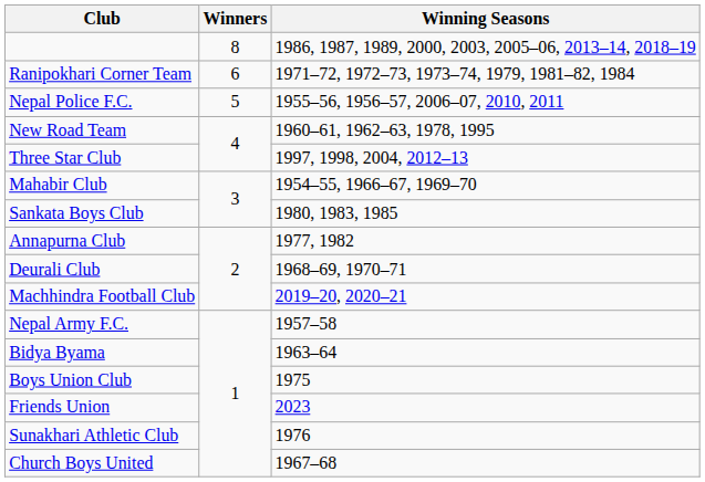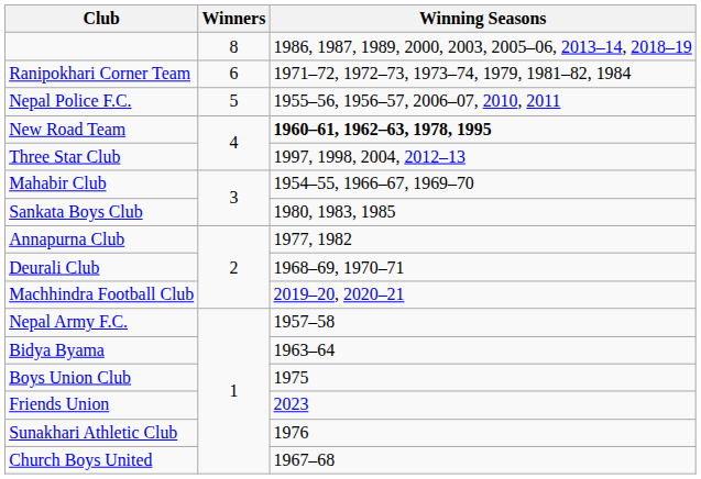 <table class="wikitable sortable">
 <tr>
 <th>Club</th>
 <th>Winners</th>
 <th>Winning Seasons</th>
 </tr>
 <tr>
 <td></td>
 <td style="text-align:center">8</td>
 <td>1986, 1987, 1989, 2000, 2003, 2005–06, <a href='#'>2013–14</a>, <a href='#'>2018–19</a></td>
 </tr>
 <tr>
 <td><a href='#'>Ranipokhari Corner Team</a></td>
 <td style="text-align:center">6</td>
 <td>1971–72, 1972–73, 1973–74, 1979, 1981–82, 1984</td>
 </tr>
 <tr>
 <td><a href='#'>Nepal Police F.C.</a></td>
 <td style="text-align:center">5</td>
 <td>1955–56, 1956–57, 2006–07, <a href='#'>2010</a>, <a href='#'>2011</a></td>
 </tr>
 <tr>
 <td><a href='#'>New Road Team</a></td>
 <td rowspan="2" style="text-align:center">4</td>
-<td>1960–61, 1962–63, 1978, 1995</td>
+<td><strong>1960–61, 1962–63, 1978, 1995</strong></td>
 </tr>
 <tr>
 <td><a href='#'>Three Star Club</a></td>
 <td>1997, 1998, 2004, <a href='#'>2012–13</a></td>
 </tr>
 <tr>
 <td><a href='#'>Mahabir Club</a></td>
 <td rowspan="2" style="text-align:center">3</td>
 <td>1954–55, 1966–67, 1969–70</td>
 </tr>
 <tr>
 <td><a href='#'>Sankata Boys Club</a></td>
 <td>1980, 1983, 1985</td>
 </tr>
 <tr>
 <td><a href='#'>Annapurna Club</a></td>
 <td rowspan="3" style="text-align:center">2</td>
 <td>1977, 1982</td>
 </tr>
 <tr>
 <td><a href='#'>Deurali Club</a></td>
 <td>1968–69, 1970–71</td>
 </tr>
 <tr>
 <td><a href='#'>Machhindra Football Club</a></td>
 <td><a href='#'>2019–20</a>, <a href='#'>2020–21</a></td>
 </tr>
 <tr>
 <td><a href='#'>Nepal Army F.C.</a></td>
 <td rowspan="6" style="text-align:center">1</td>
 <td>1957–58</td>
 </tr>
 <tr>
 <td><a href='#'>Bidya Byama</a></td>
 <td>1963–64</td>
 </tr>
 <tr>
 <td><a href='#'>Boys Union Club</a></td>
 <td>1975</td>
 </tr>
 <tr>
 <td><a href='#'>Friends Union</a></td>
 <td><a href='#'>2023</a></td>
 </tr>
 <tr>
 <td><a href='#'>Sunakhari Athletic Club</a></td>
 <td>1976</td>
 </tr>
 <tr>
 <td><a href='#'>Church Boys United</a></td>
 <td>1967–68</td>
 </tr>
 </table>
